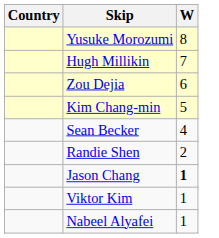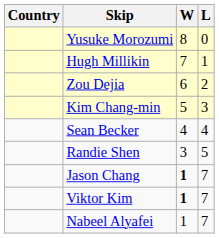 <table class=wikitable>
 <tr>
 <th>Country</th>
 <th>Skip</th>
 <th>W</th>
+<th>L</th>
 </tr>
 <tr style="background:#ffffcc;">
 <td></td>
 <td><a href='#'>Yusuke Morozumi</a></td>
 <td>8</td>
+<td>0</td>
 </tr>
 <tr style="background:#ffffcc;">
 <td></td>
 <td><a href='#'>Hugh Millikin</a></td>
 <td>7</td>
+<td>1</td>
 </tr>
 <tr style="background:#ffffcc;">
 <td></td>
 <td><a href='#'>Zou Dejia</a></td>
 <td>6</td>
+<td>2</td>
 </tr>
 <tr style="background:#ffffcc;">
 <td></td>
 <td><a href='#'>Kim Chang-min</a></td>
 <td>5</td>
+<td>3</td>
 </tr>
 <tr>
 <td></td>
 <td><a href='#'>Sean Becker</a></td>
 <td>4</td>
+<td>4</td>
 </tr>
 <tr>
 <td></td>
 <td><a href='#'>Randie Shen</a></td>
-<td>2</td>
+<td>3</td>
+<td>5</td>
 </tr>
 <tr>
 <td></td>
 <td><a href='#'>Jason Chang</a></td>
 <td><strong>1</strong></td>
+<td>7</td>
 </tr>
 <tr>
 <td></td>
 <td><a href='#'>Viktor Kim</a></td>
-<td>1</td>
+<td><strong>1</strong></td>
+<td>7</td>
 </tr>
 <tr>
 <td></td>
 <td><a href='#'>Nabeel Alyafei</a></td>
 <td>1</td>
+<td>7</td>
 </tr>
 </table>
